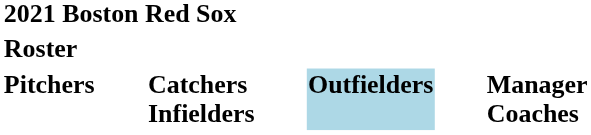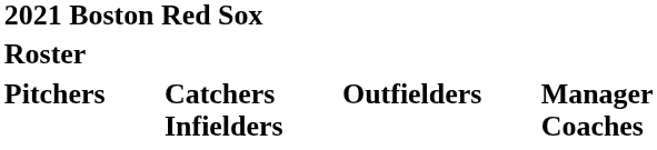 <table class="toccolours" style="text-align: left;">
 <tr>
 <th colspan="10">2021 Boston Red Sox</th>
 </tr>
 <tr>
 <td colspan="10"><strong>Roster</strong></td>
 </tr>
 <tr>
 <td valign="top"><strong>Pitchers</strong><br>                                </td>
 <td width="25px"></td>
 <td valign="top"><strong>Catchers</strong><br>   <strong>Infielders</strong>            </td>
 <td width="25px"></td>
-<td valign="top" style="background: lightblue;"><strong>Outfielders</strong><br>       </td>
+<td valign="top"><strong>Outfielders</strong><br>       </td>
 <td width="25px"></td>
 <td valign="top"><strong>Manager</strong><br> <strong>Coaches</strong>                      </td>
 </tr>
 </table>
